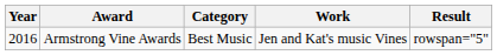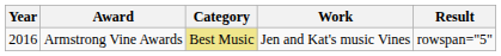 <table class="wikitable">
 <tr>
 <th scope="col">Year</th>
 <th scope="col">Award</th>
 <th scope="col">Category</th>
 <th scope="col">Work</th>
 <th scope="col">Result</th>
 </tr>
 <tr>
 <td rowspan="4">2016</td>
 <td>Armstrong Vine Awards</td>
-<td>Best Music</td>
+<td style="background: khaki;">Best Music</td>
 <td rowspan="6">Jen and Kat's music Vines</td>
 <td>rowspan="5" </td>
 </tr>
 </table>
